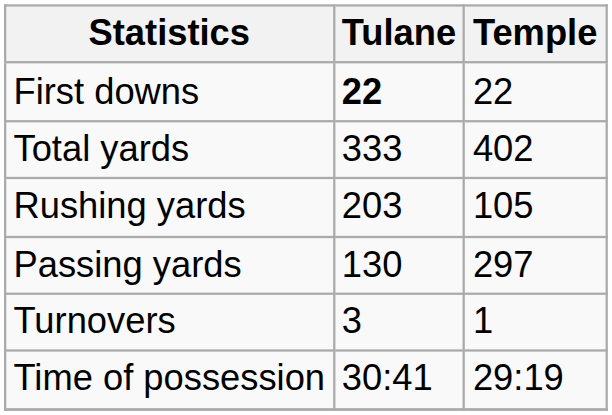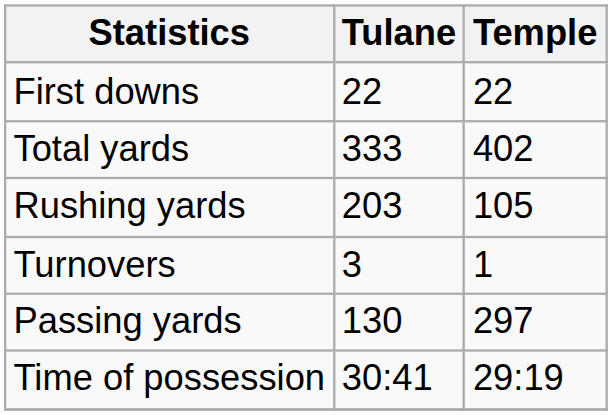 <table class="wikitable" style="float: left;">
 <tr>
 <th>Statistics</th>
 <th>Tulane</th>
 <th>Temple</th>
 </tr>
 <tr>
 <td>First downs</td>
-<td><strong>22</strong></td>
+<td>22</td>
 <td>22</td>
 </tr>
 <tr>
 <td>Total yards</td>
 <td>333</td>
 <td>402</td>
 </tr>
 <tr>
 <td>Rushing yards</td>
 <td>203</td>
 <td>105</td>
 </tr>
 <tr>
+<td>Turnovers</td>
+<td>3</td>
+<td>1</td>
+</tr>
+<tr>
 <td>Passing yards</td>
 <td>130</td>
 <td>297</td>
-</tr>
-<tr>
-<td>Turnovers</td>
-<td>3</td>
-<td>1</td>
 </tr>
 <tr>
 <td>Time of possession</td>
 <td>30:41</td>
 <td>29:19</td>
 </tr>
 <tr>
 </tr>
 </table>
